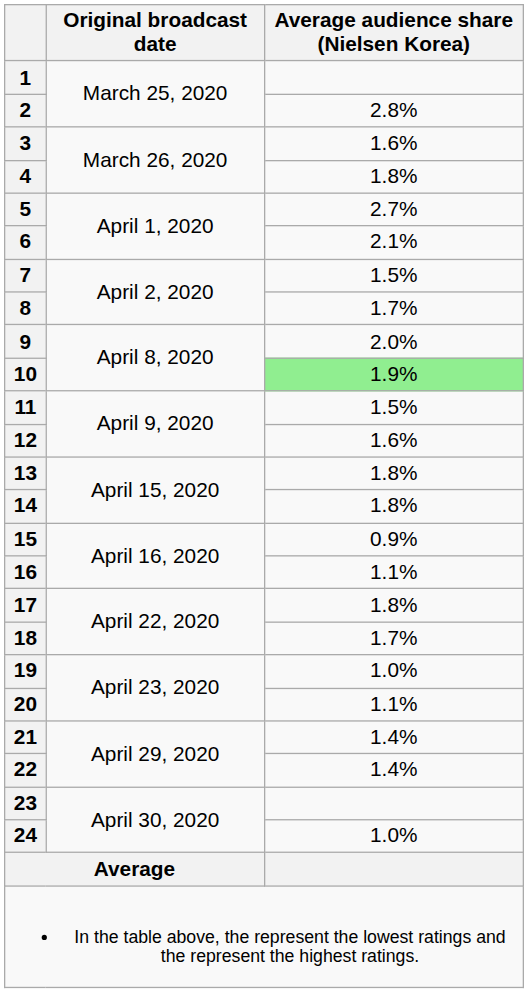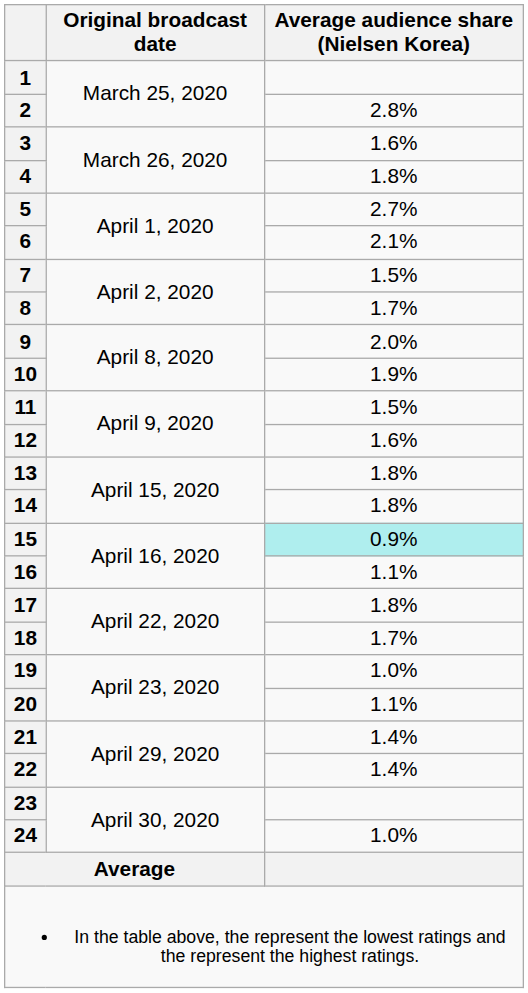 <table class="wikitable" style="width:400px; text-align:center">
 <tr>
 <th scope="col"></th>
 <th scope="col">Original broadcast date</th>
 <th scope="col" style="width:12em">Average audience share<br>(Nielsen Korea)</th>
 </tr>
 <tr>
 <th>1</th>
 <td rowspan="2">March 25, 2020</td>
 <td></td>
 </tr>
 <tr>
 <th>2</th>
 <td>2.8%</td>
 </tr>
 <tr>
 <th>3</th>
 <td rowspan="2">March 26, 2020</td>
 <td>1.6%</td>
 </tr>
 <tr>
 <th>4</th>
 <td>1.8%</td>
 </tr>
 <tr>
 <th>5</th>
 <td rowspan="2">April 1, 2020</td>
 <td>2.7%</td>
 </tr>
 <tr>
 <th>6</th>
 <td>2.1%</td>
 </tr>
 <tr>
 <th>7</th>
 <td rowspan="2">April 2, 2020</td>
 <td>1.5%</td>
 </tr>
 <tr>
 <th>8</th>
 <td>1.7%</td>
 </tr>
 <tr>
 <th>9</th>
 <td rowspan="2">April 8, 2020</td>
 <td>2.0%</td>
 </tr>
 <tr>
 <th>10</th>
-<td style="background: lightgreen;">1.9%</td>
+<td>1.9%</td>
 </tr>
 <tr>
 <th>11</th>
 <td rowspan="2">April 9, 2020</td>
 <td>1.5%</td>
 </tr>
 <tr>
 <th>12</th>
 <td>1.6%</td>
 </tr>
 <tr>
 <th>13</th>
 <td rowspan="2">April 15, 2020</td>
 <td>1.8%</td>
 </tr>
 <tr>
 <th>14</th>
 <td>1.8%</td>
 </tr>
 <tr>
 <th>15</th>
 <td rowspan="2">April 16, 2020</td>
-<td>0.9%</td>
+<td style="background: paleturquoise;">0.9%</td>
 </tr>
 <tr>
 <th>16</th>
 <td>1.1%</td>
 </tr>
 <tr>
 <th>17</th>
 <td rowspan="2">April 22, 2020</td>
 <td>1.8%</td>
 </tr>
 <tr>
 <th>18</th>
 <td>1.7%</td>
 </tr>
 <tr>
 <th>19</th>
 <td rowspan="2">April 23, 2020</td>
 <td>1.0%</td>
 </tr>
 <tr>
 <th>20</th>
 <td>1.1%</td>
 </tr>
 <tr>
 <th>21</th>
 <td rowspan="2">April 29, 2020</td>
 <td>1.4%</td>
 </tr>
 <tr>
 <th>22</th>
 <td>1.4%</td>
 </tr>
 <tr>
 <th>23</th>
 <td rowspan="2">April 30, 2020</td>
 <td></td>
 </tr>
 <tr>
 <th>24</th>
 <td>1.0%</td>
 </tr>
 <tr>
 <th colspan="2">Average</th>
 <th></th>
 </tr>
 <tr>
 <td colspan="3" style="font-size:85%"><br><ul><li>In the table above, the <strong></strong> represent the lowest ratings and the <strong></strong> represent the highest ratings.</li></ul></td>
 </tr>
 </table>
